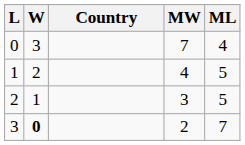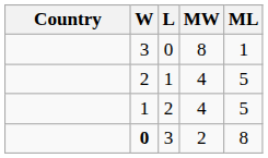 <table class="wikitable sortable" style="text-align:center">
 <tr>
+<th width=100>Country</th>
+<th>W</th>
 <th>L</th>
-<th>W</th>
-<th width=100>Country</th>
 <th>MW</th>
 <th>ML</th>
 </tr>
 <tr>
+<td align=left><strong></strong></td>
+<td>3</td>
 <td>0</td>
-<td>3</td>
-<td align=left><strong></strong></td>
-<td>7</td>
-<td>4</td>
+<td>8</td>
+<td>1</td>
 </tr>
 <tr>
+<td align=left></td>
+<td>2</td>
 <td>1</td>
-<td>2</td>
-<td align=left></td>
 <td>4</td>
 <td>5</td>
 </tr>
 <tr>
+<td align=left></td>
+<td>1</td>
 <td>2</td>
-<td>1</td>
-<td align=left></td>
-<td>3</td>
+<td>4</td>
 <td>5</td>
 </tr>
 <tr>
+<td align=left></td>
+<td><strong>0</strong></td>
 <td>3</td>
-<td><strong>0</strong></td>
-<td align=left></td>
 <td>2</td>
-<td>7</td>
+<td>8</td>
 </tr>
 </table>
